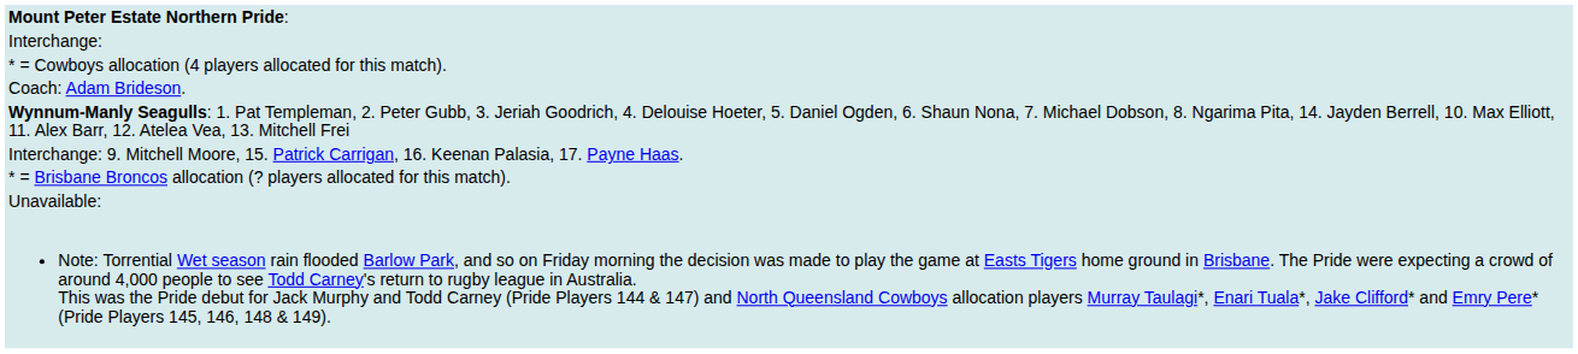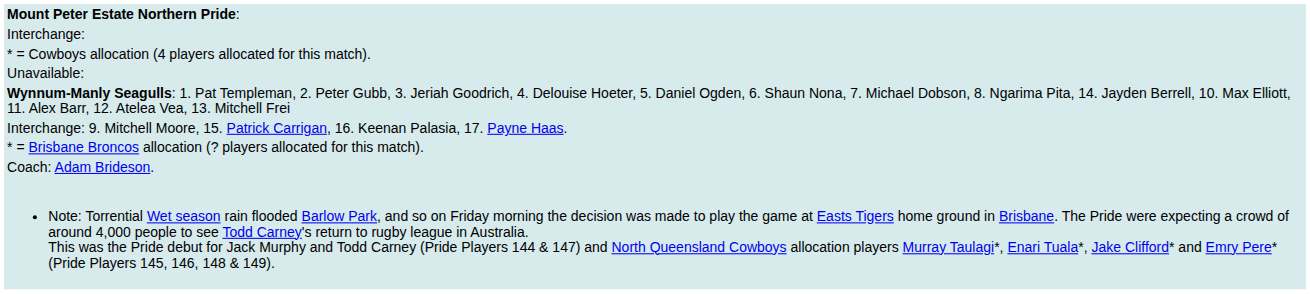 <table style="background:#d7ebed; font-size:85%; width:100%;">
 <tr>
 <td><strong>Mount Peter Estate Northern Pride</strong>:             </td>
 </tr>
 <tr>
 <td>Interchange:    </td>
 </tr>
 <tr>
 <td>* = Cowboys allocation (4 players allocated for this match).</td>
 </tr>
 <tr>
-<td>Coach: <a href='#'>Adam Brideson</a>.</td>
+<td>Unavailable:</td>
 </tr>
 <tr>
 <td><strong>Wynnum-Manly Seagulls</strong>: 1. Pat Templeman, 2. Peter Gubb, 3. Jeriah Goodrich, 4. Delouise Hoeter, 5. Daniel Ogden, 6. Shaun Nona, 7. Michael Dobson, 8. Ngarima Pita, 14. Jayden Berrell, 10. Max Elliott, 11. Alex Barr, 12. Atelea Vea, 13. Mitchell Frei</td>
 </tr>
 <tr>
 <td>Interchange: 9. Mitchell Moore, 15. <a href='#'>Patrick Carrigan</a>, 16. Keenan Palasia, 17. <a href='#'>Payne Haas</a>.</td>
 </tr>
 <tr>
 <td>* = <a href='#'>Brisbane Broncos</a> allocation (? players allocated for this match).</td>
 </tr>
 <tr>
-<td>Unavailable:</td>
+<td>Coach: <a href='#'>Adam Brideson</a>.</td>
 </tr>
 <tr>
 <td><br><ul><li>Note: Torrential <a href='#'>Wet season</a> rain flooded <a href='#'>Barlow Park</a>, and so on Friday morning the decision was made to play the game at <a href='#'>Easts Tigers</a> home ground in <a href='#'>Brisbane</a>. The Pride were expecting a crowd of around 4,000 people to see <a href='#'>Todd Carney</a>'s return to rugby league in Australia.<br>This was the Pride debut for Jack Murphy and Todd Carney (Pride Players 144 & 147) and <a href='#'>North Queensland Cowboys</a> allocation players <a href='#'>Murray Taulagi</a>*, <a href='#'>Enari Tuala</a>*, <a href='#'>Jake Clifford</a>* and <a href='#'>Emry Pere</a>* (Pride Players 145, 146, 148 & 149).</li></ul></td>
 </tr>
 <tr>
 </tr>
 </table>
